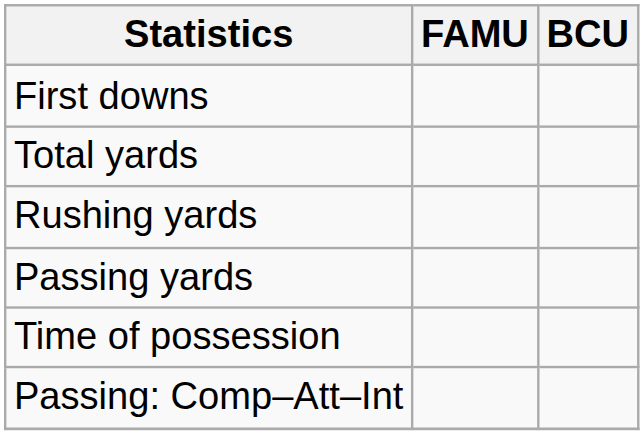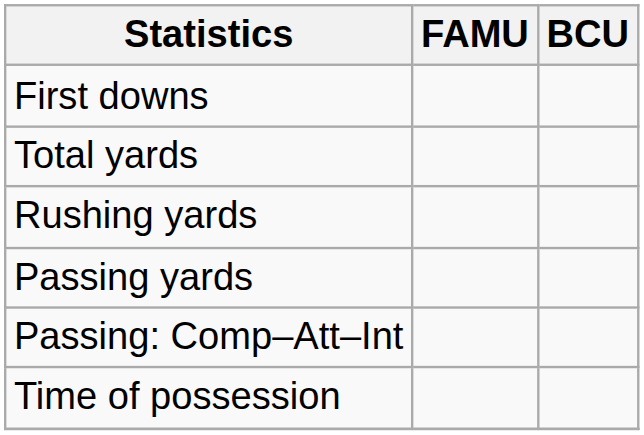 <table class="wikitable" style="float: left;">
 <tr>
 <th>Statistics</th>
 <th>FAMU</th>
 <th>BCU</th>
 </tr>
 <tr>
 <td>First downs</td>
 <td></td>
 <td></td>
 </tr>
 <tr>
 <td>Total yards</td>
 <td></td>
 <td></td>
 </tr>
 <tr>
 <td>Rushing yards</td>
 <td></td>
 <td></td>
 </tr>
 <tr>
 <td>Passing yards</td>
 <td></td>
 <td></td>
 </tr>
 <tr>
-<td>Time of possession</td>
+<td>Passing: Comp–Att–Int</td>
 <td></td>
 <td></td>
 </tr>
 <tr>
-<td>Passing: Comp–Att–Int</td>
+<td>Time of possession</td>
 <td></td>
 <td></td>
 </tr>
 <tr>
 </tr>
 </table>
